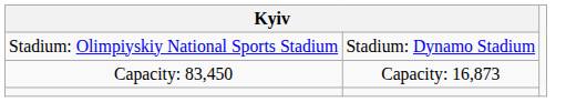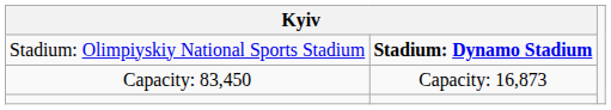 <table class="wikitable" style="text-align:center">
 <tr>
 <th colspan="2">Kyiv</th>
 <td rowspan=4></td>
 </tr>
 <tr>
 <td>Stadium: <a href='#'>Olimpiyskiy National Sports Stadium</a></td>
-<td>Stadium: <a href='#'>Dynamo Stadium</a></td>
+<td><strong>Stadium: <a href='#'>Dynamo Stadium</a></strong></td>
 </tr>
 <tr>
 <td>Capacity: 83,450</td>
 <td>Capacity: 16,873</td>
 </tr>
 <tr>
 <td></td>
 </tr>
 </table>
